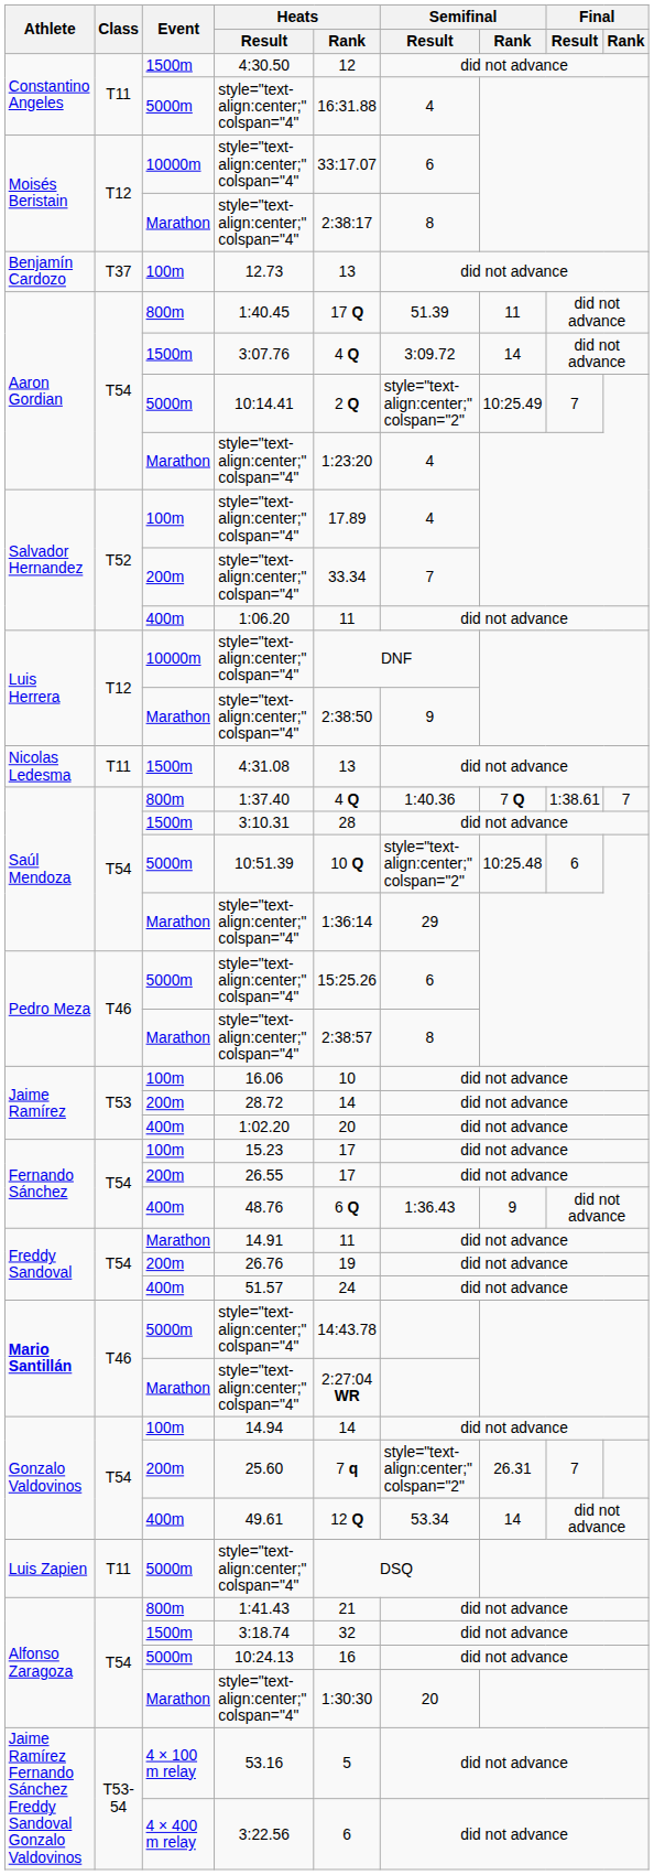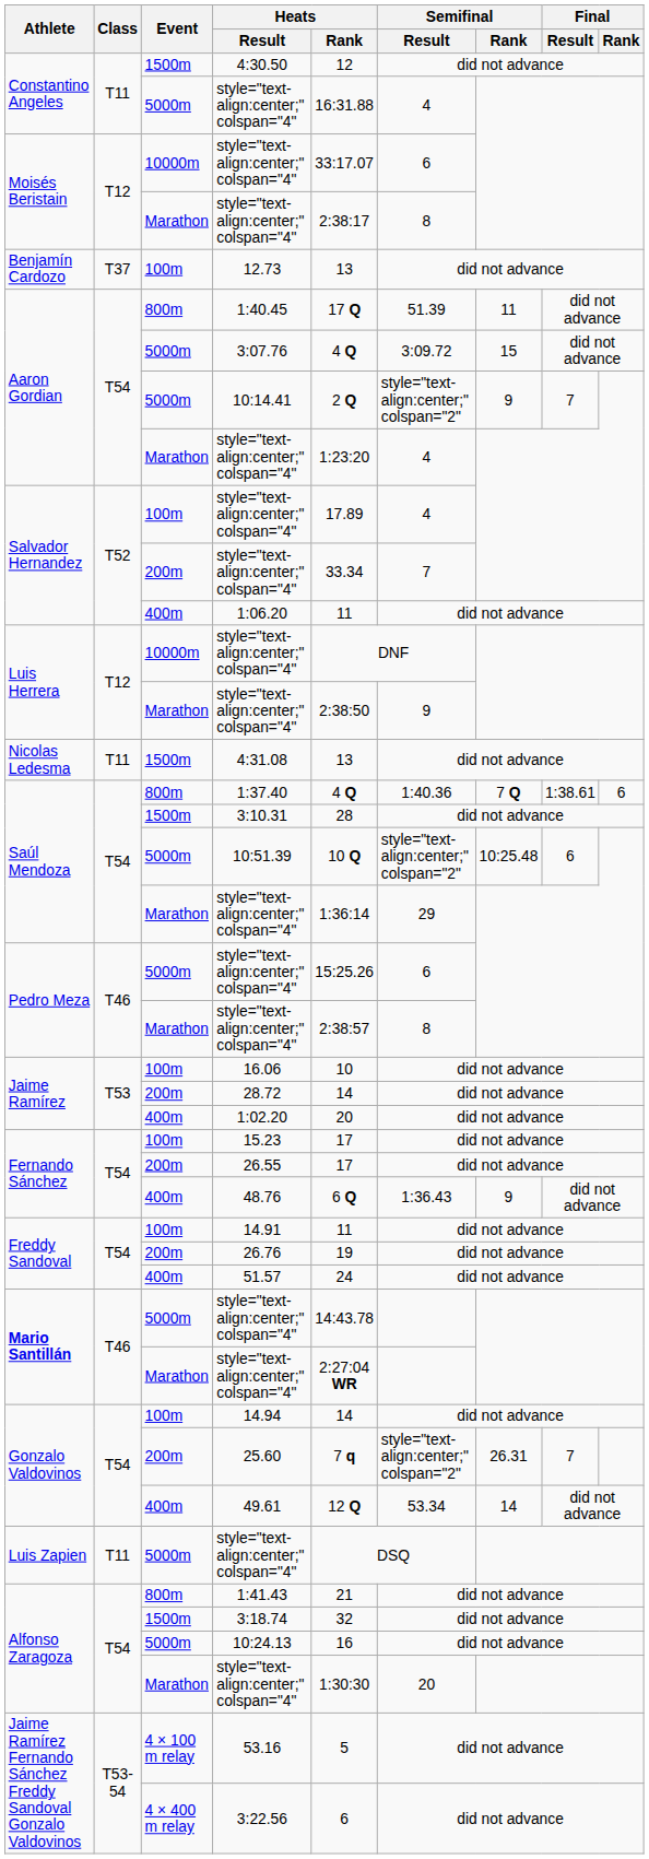 <table class=wikitable style="font-size:90%">
 <tr>
 <th rowspan="2">Athlete</th>
 <th rowspan="2">Class</th>
 <th rowspan="2">Event</th>
 <th colspan="2">Heats</th>
 <th colspan="2">Semifinal</th>
 <th colspan="2">Final</th>
 </tr>
 <tr>
 <th>Result</th>
 <th>Rank</th>
 <th>Result</th>
 <th>Rank</th>
 <th>Result</th>
 <th>Rank</th>
 </tr>
 <tr>
 <td rowspan="2"><a href='#'>Constantino Angeles</a></td>
 <td rowspan="2" style="text-align:center;">T11</td>
 <td><a href='#'>1500m</a></td>
 <td style="text-align:center;">4:30.50</td>
 <td style="text-align:center;">12</td>
 <td style="text-align:center;" colspan="4">did not advance</td>
 </tr>
 <tr>
 <td><a href='#'>5000m</a></td>
 <td>style="text-align:center;" colspan="4" </td>
 <td style="text-align:center;">16:31.88</td>
 <td style="text-align:center;">4</td>
 </tr>
 <tr>
 <td rowspan="2"><a href='#'>Moisés Beristain</a></td>
 <td rowspan="2" style="text-align:center;">T12</td>
 <td><a href='#'>10000m</a></td>
 <td>style="text-align:center;" colspan="4" </td>
 <td style="text-align:center;">33:17.07</td>
 <td style="text-align:center;">6</td>
 </tr>
 <tr>
 <td><a href='#'>Marathon</a></td>
 <td>style="text-align:center;" colspan="4" </td>
 <td style="text-align:center;">2:38:17</td>
 <td style="text-align:center;">8</td>
 </tr>
 <tr>
 <td><a href='#'>Benjamín Cardozo</a></td>
 <td style="text-align:center;">T37</td>
 <td><a href='#'>100m</a></td>
 <td style="text-align:center;">12.73</td>
 <td style="text-align:center;">13</td>
 <td style="text-align:center;" colspan="4">did not advance</td>
 </tr>
 <tr>
 <td rowspan="4"><a href='#'>Aaron Gordian</a></td>
 <td rowspan="4" style="text-align:center;">T54</td>
 <td><a href='#'>800m</a></td>
 <td style="text-align:center;">1:40.45</td>
 <td style="text-align:center;">17 <strong>Q</strong></td>
 <td style="text-align:center;">51.39</td>
 <td style="text-align:center;">11</td>
 <td style="text-align:center;" colspan="2">did not advance</td>
 </tr>
 <tr>
-<td><a href='#'>1500m</a></td>
+<td><a href='#'>5000m</a></td>
 <td style="text-align:center;">3:07.76</td>
 <td style="text-align:center;">4 <strong>Q</strong></td>
 <td style="text-align:center;">3:09.72</td>
-<td style="text-align:center;">14</td>
+<td style="text-align:center;">15</td>
 <td style="text-align:center;" colspan="2">did not advance</td>
 </tr>
 <tr>
 <td><a href='#'>5000m</a></td>
 <td style="text-align:center;">10:14.41</td>
 <td style="text-align:center;">2 <strong>Q</strong></td>
 <td>style="text-align:center;" colspan="2" </td>
-<td style="text-align:center;">10:25.49</td>
+<td style="text-align:center;">9</td>
 <td style="text-align:center;">7</td>
 </tr>
 <tr>
 <td><a href='#'>Marathon</a></td>
 <td>style="text-align:center;" colspan="4" </td>
 <td style="text-align:center;">1:23:20</td>
 <td style="text-align:center;">4</td>
 </tr>
 <tr>
 <td rowspan="3"><a href='#'>Salvador Hernandez</a></td>
 <td rowspan="3" style="text-align:center;">T52</td>
 <td><a href='#'>100m</a></td>
 <td>style="text-align:center;" colspan="4" </td>
 <td style="text-align:center;">17.89</td>
 <td style="text-align:center;">4</td>
 </tr>
 <tr>
 <td><a href='#'>200m</a></td>
 <td>style="text-align:center;" colspan="4" </td>
 <td style="text-align:center;">33.34</td>
 <td style="text-align:center;">7</td>
 </tr>
 <tr>
 <td><a href='#'>400m</a></td>
 <td style="text-align:center;">1:06.20</td>
 <td style="text-align:center;">11</td>
 <td style="text-align:center;" colspan="4">did not advance</td>
 </tr>
 <tr>
 <td rowspan="2"><a href='#'>Luis Herrera</a></td>
 <td rowspan="2" style="text-align:center;">T12</td>
 <td><a href='#'>10000m</a></td>
 <td>style="text-align:center;" colspan="4" </td>
 <td style="text-align:center;" colspan="2">DNF</td>
 </tr>
 <tr>
 <td><a href='#'>Marathon</a></td>
 <td>style="text-align:center;" colspan="4" </td>
 <td style="text-align:center;">2:38:50</td>
 <td style="text-align:center;">9</td>
 </tr>
 <tr>
 <td><a href='#'>Nicolas Ledesma</a></td>
 <td style="text-align:center;">T11</td>
 <td><a href='#'>1500m</a></td>
 <td style="text-align:center;">4:31.08</td>
 <td style="text-align:center;">13</td>
 <td style="text-align:center;" colspan="4">did not advance</td>
 </tr>
 <tr>
 <td rowspan="4"><a href='#'>Saúl Mendoza</a></td>
 <td rowspan="4" style="text-align:center;">T54</td>
 <td><a href='#'>800m</a></td>
 <td style="text-align:center;">1:37.40</td>
 <td style="text-align:center;">4 <strong>Q</strong></td>
 <td style="text-align:center;">1:40.36</td>
 <td style="text-align:center;">7 <strong>Q</strong></td>
 <td style="text-align:center;">1:38.61</td>
-<td style="text-align:center;">7</td>
+<td style="text-align:center;">6</td>
 </tr>
 <tr>
 <td><a href='#'>1500m</a></td>
 <td style="text-align:center;">3:10.31</td>
 <td style="text-align:center;">28</td>
 <td style="text-align:center;" colspan="4">did not advance</td>
 </tr>
 <tr>
 <td><a href='#'>5000m</a></td>
 <td style="text-align:center;">10:51.39</td>
 <td style="text-align:center;">10 <strong>Q</strong></td>
 <td>style="text-align:center;" colspan="2" </td>
 <td style="text-align:center;">10:25.48</td>
 <td style="text-align:center;">6</td>
 </tr>
 <tr>
 <td><a href='#'>Marathon</a></td>
 <td>style="text-align:center;" colspan="4" </td>
 <td style="text-align:center;">1:36:14</td>
 <td style="text-align:center;">29</td>
 </tr>
 <tr>
 <td rowspan="2"><a href='#'>Pedro Meza</a></td>
 <td rowspan="2" style="text-align:center;">T46</td>
 <td><a href='#'>5000m</a></td>
 <td>style="text-align:center;" colspan="4" </td>
 <td style="text-align:center;">15:25.26</td>
 <td style="text-align:center;">6</td>
 </tr>
 <tr>
 <td><a href='#'>Marathon</a></td>
 <td>style="text-align:center;" colspan="4" </td>
 <td style="text-align:center;">2:38:57</td>
 <td style="text-align:center;">8</td>
 </tr>
 <tr>
 <td rowspan="3"><a href='#'>Jaime Ramírez</a></td>
 <td rowspan="3" style="text-align:center;">T53</td>
 <td><a href='#'>100m</a></td>
 <td style="text-align:center;">16.06</td>
 <td style="text-align:center;">10</td>
 <td style="text-align:center;" colspan="4">did not advance</td>
 </tr>
 <tr>
 <td><a href='#'>200m</a></td>
 <td style="text-align:center;">28.72</td>
 <td style="text-align:center;">14</td>
 <td style="text-align:center;" colspan="4">did not advance</td>
 </tr>
 <tr>
 <td><a href='#'>400m</a></td>
 <td style="text-align:center;">1:02.20</td>
 <td style="text-align:center;">20</td>
 <td style="text-align:center;" colspan="4">did not advance</td>
 </tr>
 <tr>
 <td rowspan="3"><a href='#'>Fernando Sánchez</a></td>
 <td rowspan="3" style="text-align:center;">T54</td>
 <td><a href='#'>100m</a></td>
 <td style="text-align:center;">15.23</td>
 <td style="text-align:center;">17</td>
 <td style="text-align:center;" colspan="4">did not advance</td>
 </tr>
 <tr>
 <td><a href='#'>200m</a></td>
 <td style="text-align:center;">26.55</td>
 <td style="text-align:center;">17</td>
 <td style="text-align:center;" colspan="4">did not advance</td>
 </tr>
 <tr>
 <td><a href='#'>400m</a></td>
 <td style="text-align:center;">48.76</td>
 <td style="text-align:center;">6 <strong>Q</strong></td>
 <td style="text-align:center;">1:36.43</td>
 <td style="text-align:center;">9</td>
 <td style="text-align:center;" colspan="2">did not advance</td>
 </tr>
 <tr>
 <td rowspan="3"><a href='#'>Freddy Sandoval</a></td>
 <td rowspan="3" style="text-align:center;">T54</td>
-<td><a href='#'>Marathon</a></td>
+<td><a href='#'>100m</a></td>
 <td style="text-align:center;">14.91</td>
 <td style="text-align:center;">11</td>
 <td style="text-align:center;" colspan="4">did not advance</td>
 </tr>
 <tr>
 <td><a href='#'>200m</a></td>
 <td style="text-align:center;">26.76</td>
 <td style="text-align:center;">19</td>
 <td style="text-align:center;" colspan="4">did not advance</td>
 </tr>
 <tr>
 <td><a href='#'>400m</a></td>
 <td style="text-align:center;">51.57</td>
 <td style="text-align:center;">24</td>
 <td style="text-align:center;" colspan="4">did not advance</td>
 </tr>
 <tr>
 <td rowspan="2"><strong><a href='#'>Mario Santillán</a></strong></td>
 <td rowspan="2" style="text-align:center;">T46</td>
 <td><a href='#'>5000m</a></td>
 <td>style="text-align:center;" colspan="4" </td>
 <td style="text-align:center;">14:43.78</td>
 <td style="text-align:center;"></td>
 </tr>
 <tr>
 <td><a href='#'>Marathon</a></td>
 <td>style="text-align:center;" colspan="4" </td>
 <td style="text-align:center;">2:27:04 <strong>WR</strong></td>
 <td style="text-align:center;"></td>
 </tr>
 <tr>
 <td rowspan="3"><a href='#'>Gonzalo Valdovinos</a></td>
 <td rowspan="3" style="text-align:center;">T54</td>
 <td><a href='#'>100m</a></td>
 <td style="text-align:center;">14.94</td>
 <td style="text-align:center;">14</td>
 <td style="text-align:center;" colspan="4">did not advance</td>
 </tr>
 <tr>
 <td><a href='#'>200m</a></td>
 <td style="text-align:center;">25.60</td>
 <td style="text-align:center;">7 <strong>q</strong></td>
 <td>style="text-align:center;" colspan="2" </td>
 <td style="text-align:center;">26.31</td>
 <td style="text-align:center;">7</td>
 </tr>
 <tr>
 <td><a href='#'>400m</a></td>
 <td style="text-align:center;">49.61</td>
 <td style="text-align:center;">12 <strong>Q</strong></td>
 <td style="text-align:center;">53.34</td>
 <td style="text-align:center;">14</td>
 <td style="text-align:center;" colspan="2">did not advance</td>
 </tr>
 <tr>
 <td><a href='#'>Luis Zapien</a></td>
 <td style="text-align:center;">T11</td>
 <td><a href='#'>5000m</a></td>
 <td>style="text-align:center;" colspan="4" </td>
 <td style="text-align:center;" colspan="2">DSQ</td>
 </tr>
 <tr>
 <td rowspan="4"><a href='#'>Alfonso Zaragoza</a></td>
 <td rowspan="4" style="text-align:center;">T54</td>
 <td><a href='#'>800m</a></td>
 <td style="text-align:center;">1:41.43</td>
 <td style="text-align:center;">21</td>
 <td style="text-align:center;" colspan="4">did not advance</td>
 </tr>
 <tr>
 <td><a href='#'>1500m</a></td>
 <td style="text-align:center;">3:18.74</td>
 <td style="text-align:center;">32</td>
 <td style="text-align:center;" colspan="4">did not advance</td>
 </tr>
 <tr>
 <td><a href='#'>5000m</a></td>
 <td style="text-align:center;">10:24.13</td>
 <td style="text-align:center;">16</td>
 <td style="text-align:center;" colspan="4">did not advance</td>
 </tr>
 <tr>
 <td><a href='#'>Marathon</a></td>
 <td>style="text-align:center;" colspan="4" </td>
 <td style="text-align:center;">1:30:30</td>
 <td style="text-align:center;">20</td>
 </tr>
 <tr>
 <td rowspan="2"><a href='#'>Jaime Ramírez</a><br> <a href='#'>Fernando Sánchez</a><br> <a href='#'>Freddy Sandoval</a><br> <a href='#'>Gonzalo Valdovinos</a></td>
 <td rowspan="2" style="text-align:center;">T53-54</td>
 <td><a href='#'>4 × 100 m relay</a></td>
 <td style="text-align:center;">53.16</td>
 <td style="text-align:center;">5</td>
 <td style="text-align:center;" colspan="4">did not advance</td>
 </tr>
 <tr>
 <td><a href='#'>4 × 400 m relay</a></td>
 <td style="text-align:center;">3:22.56</td>
 <td style="text-align:center;">6</td>
 <td style="text-align:center;" colspan="4">did not advance</td>
 </tr>
 </table>
